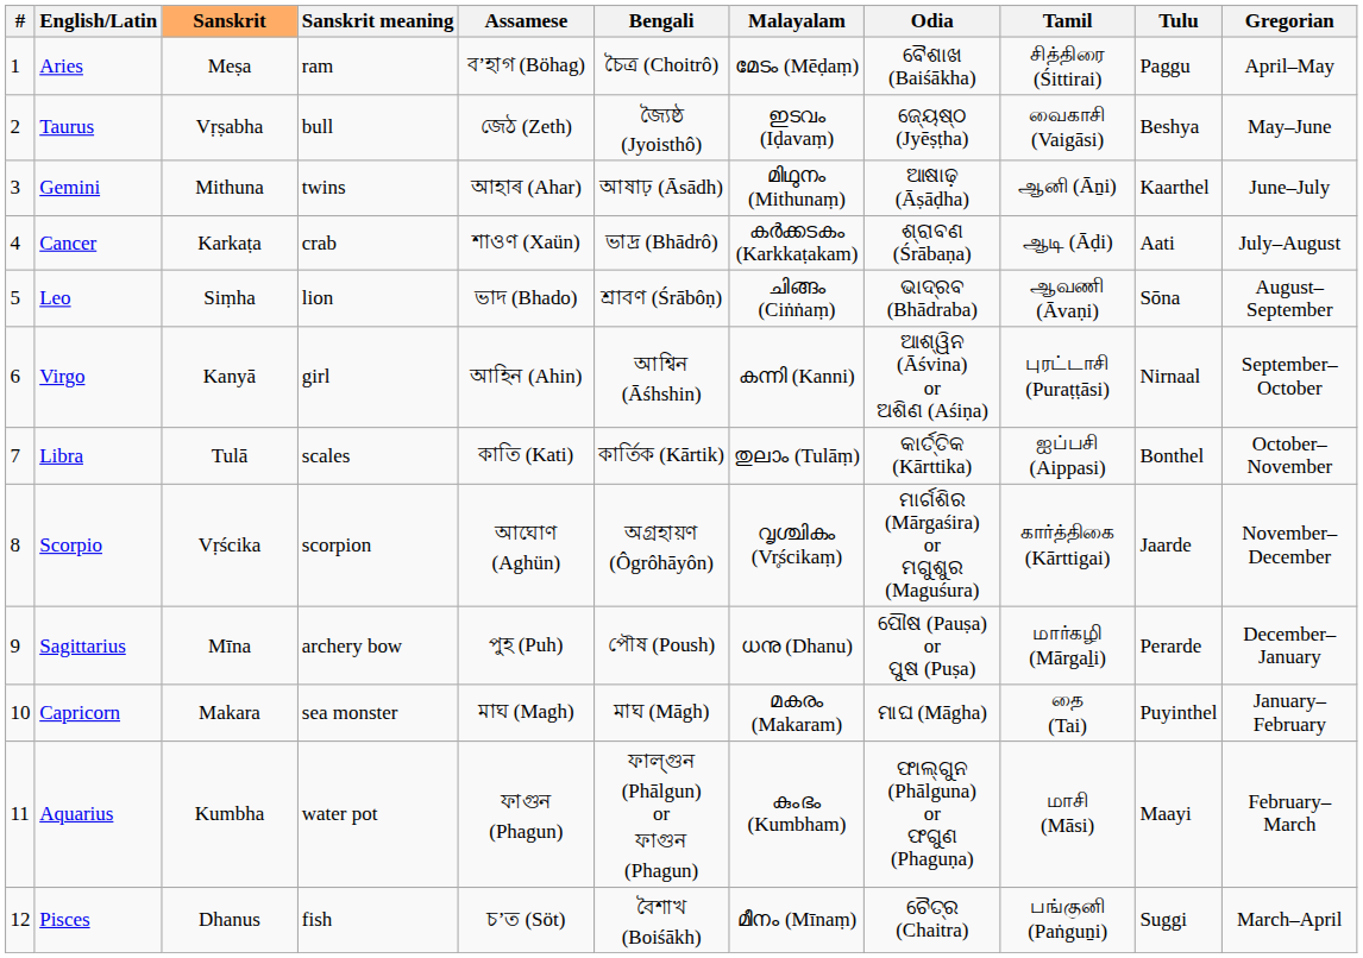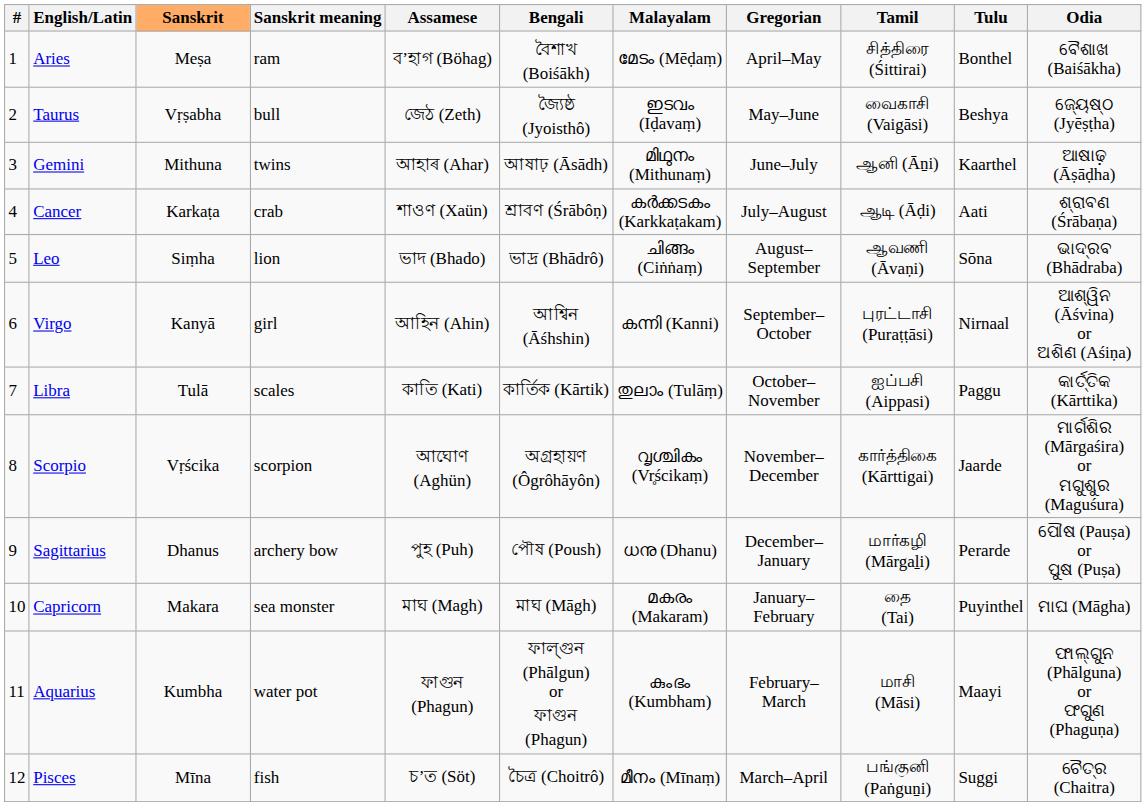 <table class="wikitable">
 <tr>
 <th>#</th>
 <th>English/Latin</th>
 <th style="background: #ffad66" width="100">Sanskrit</th>
 <th>Sanskrit meaning</th>
 <th width="100">Assamese</th>
 <th width=100>Bengali</th>
 <th width=100>Malayalam</th>
-<th width=100>Odia</th>
+<th width="100">Gregorian</th>
 <th width=100>Tamil</th>
 <th>Tulu</th>
-<th width="100">Gregorian</th>
+<th width=100>Odia</th>
 </tr>
 <tr>
 <td>1</td>
 <td><a href='#'>Aries</a></td>
 <td align="center">Meṣa</td>
 <td>ram</td>
 <td align="center">ব’হাগ (Böhag)</td>
-<td align="center">চৈত্র (Choitrô)</td>
+<td align="center">বৈশাখ (Boiśākh)</td>
 <td align="center">മേടം (Mēḍaṃ)</td>
+<td align="center">April–May</td>
+<td align="center">சித்திரை (Śittirai)</td>
+<td>Bonthel</td>
 <td align="center">ବୈଶାଖ (Baiśākha)</td>
-<td align="center">சித்திரை (Śittirai)</td>
-<td>Paggu</td>
-<td align="center">April–May</td>
 </tr>
 <tr>
 <td>2</td>
 <td><a href='#'>Taurus</a></td>
 <td align="center">Vṛṣabha</td>
 <td>bull</td>
 <td align="center">জেঠ (Zeth)</td>
 <td align="center">জ্যৈষ্ঠ (Jyoisthô)</td>
 <td align="center">ഇടവം (Iḍavaṃ)</td>
-<td align="center">ଜ୍ୟେଷ୍ଠ (Jyēṣṭha)</td>
+<td align="center">May–June</td>
 <td align="center">வைகாசி (Vaigāsi)</td>
 <td>Beshya</td>
-<td align="center">May–June</td>
+<td align="center">ଜ୍ୟେଷ୍ଠ (Jyēṣṭha)</td>
 </tr>
 <tr>
 <td>3</td>
 <td><a href='#'>Gemini</a></td>
 <td align="center">Mithuna</td>
 <td>twins</td>
 <td align="center">আহাৰ (Ahar)</td>
 <td align="center">আষাঢ় (Āsādh)</td>
 <td align="center">മിഥുനം (Mithunaṃ)</td>
-<td align="center">ଆଷାଢ଼ (Āṣāḍha)</td>
+<td align="center">June–July</td>
 <td align="center">ஆனி (Āṉi)</td>
 <td>Kaarthel</td>
-<td align="center">June–July</td>
+<td align="center">ଆଷାଢ଼ (Āṣāḍha)</td>
 </tr>
 <tr>
 <td>4</td>
 <td><a href='#'>Cancer</a></td>
 <td align="center">Karkaṭa</td>
 <td>crab</td>
 <td align="center">শাওণ (Xaün)</td>
-<td align="center">ভাদ্র (Bhādrô)</td>
+<td align="center">শ্রাবণ (Śrābôṇ)</td>
 <td align="center">കർക്കടകം (Karkkaṭakam)</td>
-<td align="center">ଶ୍ରାବଣ (Śrābaṇa)</td>
+<td align="center">July–August</td>
 <td align="center">ஆடி (Āḍi)</td>
 <td>Aati</td>
-<td align="center">July–August</td>
+<td align="center">ଶ୍ରାବଣ (Śrābaṇa)</td>
 </tr>
 <tr>
 <td>5</td>
 <td><a href='#'>Leo</a></td>
 <td align="center">Siṃha</td>
 <td>lion</td>
 <td align="center">ভাদ (Bhado)</td>
-<td align="center">শ্রাবণ (Śrābôṇ)</td>
+<td align="center">ভাদ্র (Bhādrô)</td>
 <td align="center">ചിങ്ങം (Ciṅṅaṃ)</td>
-<td align="center">ଭାଦ୍ରବ (Bhādraba)</td>
+<td align="center">August–September</td>
 <td align="center">ஆவணி (Āvaṇi)</td>
 <td>Sōna</td>
-<td align="center">August–September</td>
+<td align="center">ଭାଦ୍ରବ (Bhādraba)</td>
 </tr>
 <tr>
 <td>6</td>
 <td><a href='#'>Virgo</a></td>
 <td align="center">Kanyā</td>
 <td>girl</td>
 <td align="center">আহিন (Ahin)</td>
 <td align="center">আশ্বিন (Āśhshin)</td>
 <td align="center">കന്നി (Kanni)</td>
-<td align="center">ଆଶ୍ୱିନ (Āśvina)<br>or<br>ଅଶିଣ (Aśiṇa)</td>
+<td align="center">September–October</td>
 <td align="center">புரட்டாசி (Puraṭṭāsi)</td>
 <td>Nirnaal</td>
-<td align="center">September–October</td>
+<td align="center">ଆଶ୍ୱିନ (Āśvina)<br>or<br>ଅଶିଣ (Aśiṇa)</td>
 </tr>
 <tr>
 <td>7</td>
 <td><a href='#'>Libra</a></td>
 <td align="center">Tulā</td>
 <td>scales</td>
 <td align="center">কাতি (Kati)</td>
 <td align="center">কার্তিক (Kārtik)</td>
 <td align="center">തുലാം (Tulāṃ)</td>
+<td align="center">October–November</td>
+<td align="center">ஐப்பசி (Aippasi)</td>
+<td>Paggu</td>
 <td align="center">କାର୍ତ୍ତିକ (Kārttika)</td>
-<td align="center">ஐப்பசி (Aippasi)</td>
-<td>Bonthel</td>
-<td align="center">October–November</td>
 </tr>
 <tr>
 <td>8</td>
 <td><a href='#'>Scorpio</a></td>
 <td align="center">Vṛścika</td>
 <td>scorpion</td>
 <td align="center">আঘোণ (Aghün)</td>
 <td align="center">অগ্রহায়ণ (Ôgrôhāyôn)</td>
 <td align="center">വൃശ്ചികം (Vr̥ścikaṃ)</td>
-<td align="center">ମାର୍ଗଶିର (Mārgaśira)<br>or<br>ମଗୁଶୁର (Maguśura)</td>
+<td align="center">November–December</td>
 <td align="center">கார்த்திகை (Kārttigai)</td>
 <td>Jaarde</td>
-<td align="center">November–December</td>
+<td align="center">ମାର୍ଗଶିର (Mārgaśira)<br>or<br>ମଗୁଶୁର (Maguśura)</td>
 </tr>
 <tr>
 <td>9</td>
 <td><a href='#'>Sagittarius</a></td>
-<td align="center">Mīna</td>
+<td align="center">Dhanus</td>
 <td>archery bow</td>
 <td align="center">পুহ (Puh)</td>
 <td align="center">পৌষ (Poush)</td>
 <td align="center">ധനു (Dhanu)</td>
-<td align="center">ପୌଷ (Pauṣa)<br>or<br>ପୁଷ (Puṣa)</td>
+<td align="center">December–January</td>
 <td align="center">மார்கழி (Mārgaḻi)</td>
 <td>Perarde</td>
-<td align="center">December–January</td>
+<td align="center">ପୌଷ (Pauṣa)<br>or<br>ପୁଷ (Puṣa)</td>
 </tr>
 <tr>
 <td>10</td>
 <td><a href='#'>Capricorn</a></td>
 <td align="center">Makara</td>
 <td>sea monster</td>
 <td align="center">মাঘ (Magh)</td>
 <td align="center">মাঘ (Māgh)</td>
 <td align="center">മകരം (Makaram)</td>
-<td align="center">ମାଘ (Māgha)</td>
+<td align="center">January–February</td>
 <td align="center">தை<br>(Tai)</td>
 <td>Puyinthel</td>
-<td align="center">January–February</td>
+<td align="center">ମାଘ (Māgha)</td>
 </tr>
 <tr>
 <td>11</td>
 <td><a href='#'>Aquarius</a></td>
 <td align="center">Kumbha</td>
 <td>water pot</td>
 <td align="center">ফাগুন (Phagun)</td>
 <td align="center">ফাল্গুন (Phālgun)<br>or<br>ফাগুন (Phagun)</td>
 <td align="center">കുംഭം (Kumbham)</td>
-<td align="center">ଫାଲ୍‌ଗୁନ (Phālguna)<br>or<br>ଫଗୁଣ (Phaguṇa)</td>
+<td align="center">February–March</td>
 <td align="center">மாசி<br>(Māsi)</td>
 <td>Maayi</td>
-<td align="center">February–March</td>
+<td align="center">ଫାଲ୍‌ଗୁନ (Phālguna)<br>or<br>ଫଗୁଣ (Phaguṇa)</td>
 </tr>
 <tr>
 <td>12</td>
 <td><a href='#'>Pisces</a></td>
-<td align="center">Dhanus</td>
+<td align="center">Mīna</td>
 <td>fish</td>
 <td align="center">চ’ত (Söt)</td>
-<td align="center">বৈশাখ (Boiśākh)</td>
+<td align="center">চৈত্র (Choitrô)</td>
 <td align="center">മീനം (Mīnaṃ)</td>
-<td align="center">ଚୈତ୍ର (Chaitra)</td>
+<td align="center">March–April</td>
 <td align="center">பங்குனி (Paṅguṉi)</td>
 <td>Suggi</td>
-<td align="center">March–April</td>
+<td align="center">ଚୈତ୍ର (Chaitra)</td>
 </tr>
 </table>
